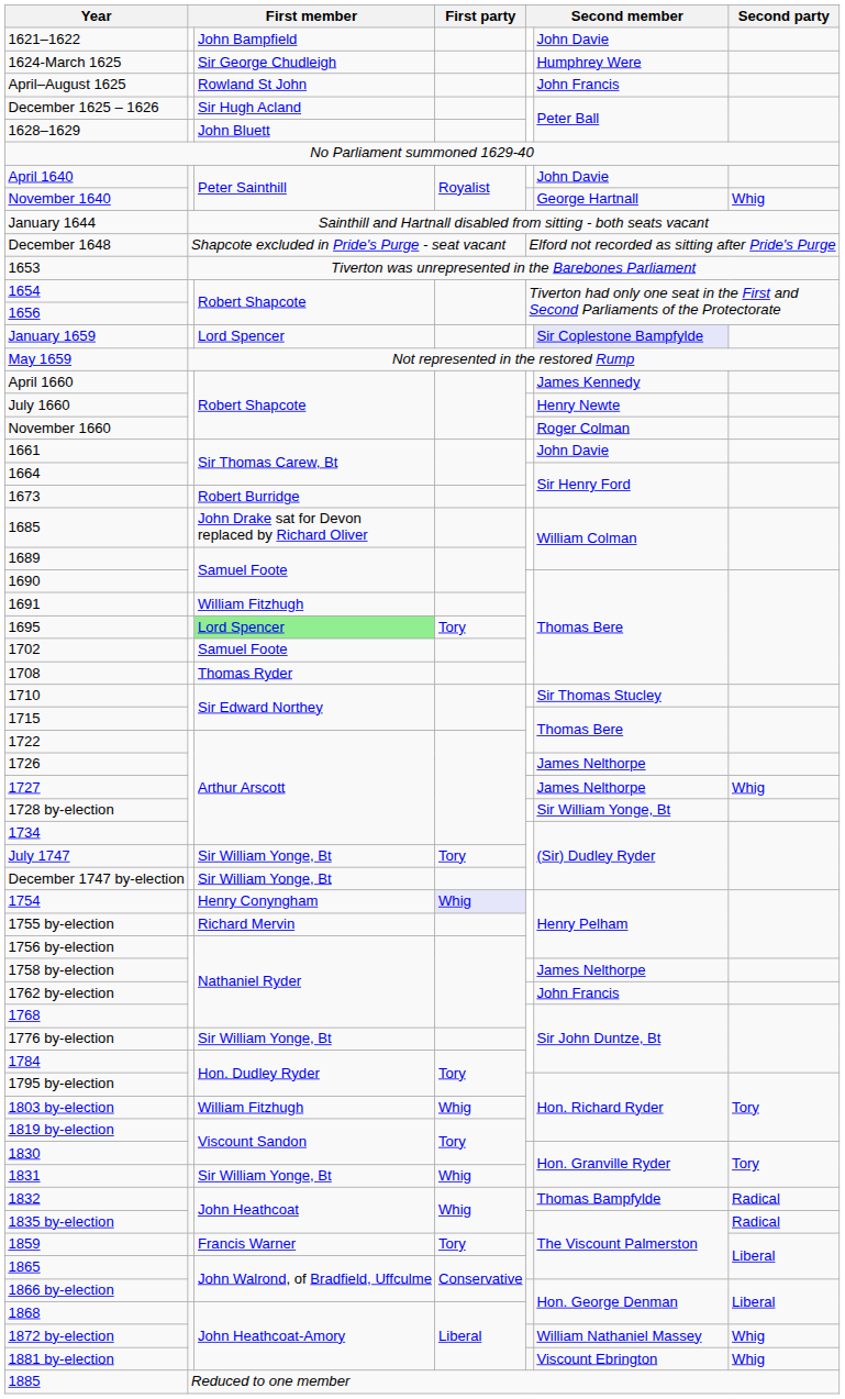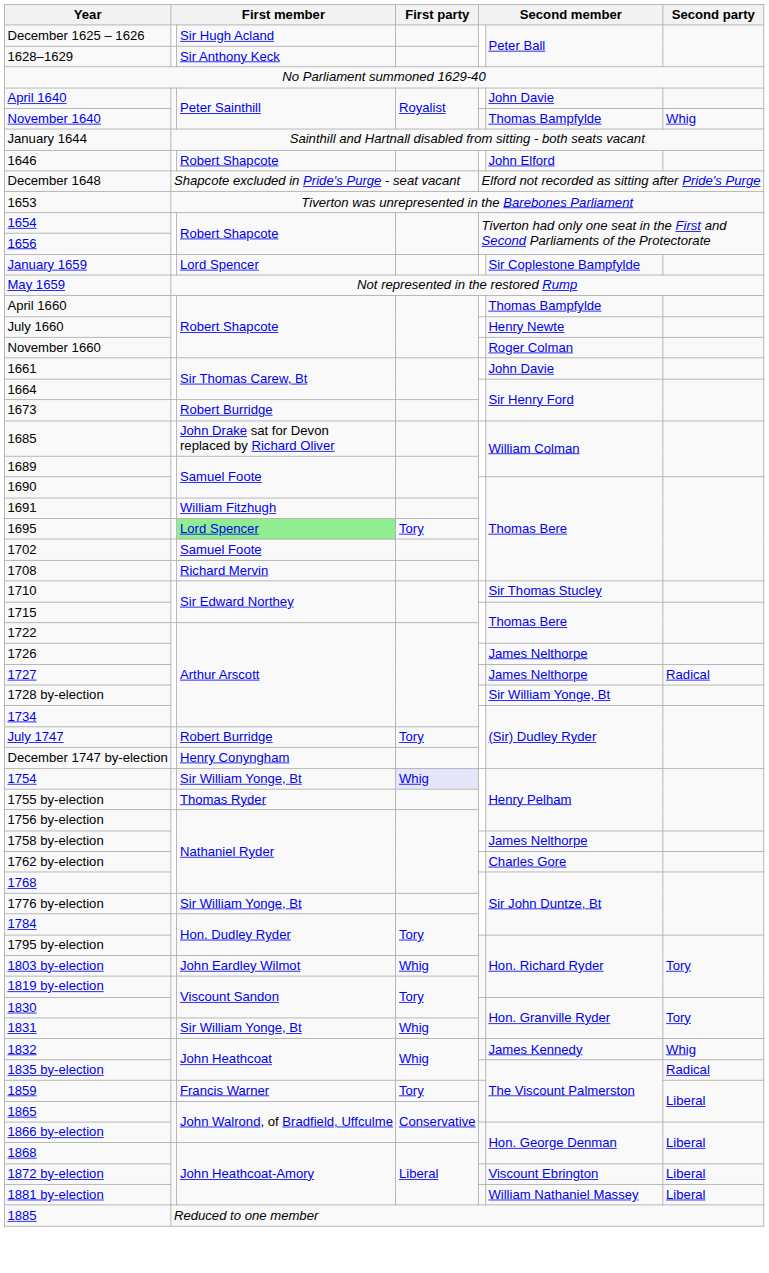 <table class="wikitable">
 <tr>
 <th>Year</th>
 <th colspan="2">First member</th>
 <th>First party</th>
 <th colspan="2">Second member</th>
 <th>Second party</th>
-</tr>
-<tr>
-<td>1621–1622</td>
-<td style="color:inherit;background-color: white"></td>
-<td><a href='#'>John Bampfield</a></td>
-<td></td>
-<td style="color:inherit;background-color: white"></td>
-<td><a href='#'>John Davie</a></td>
-<td></td>
-</tr>
-<tr>
-<td>1624-March 1625</td>
-<td style="color:inherit;background-color: white"></td>
-<td><a href='#'>Sir George Chudleigh</a></td>
-<td></td>
-<td style="color:inherit;background-color: white"></td>
-<td><a href='#'>Humphrey Were</a></td>
-<td></td>
-</tr>
-<tr>
-<td>April–August 1625</td>
-<td style="color:inherit;background-color: white"></td>
-<td><a href='#'>Rowland St John</a></td>
-<td></td>
-<td style="color:inherit;background-color: white"></td>
-<td><a href='#'>John Francis</a></td>
-<td></td>
 </tr>
 <tr>
 <td>December 1625 – 1626</td>
 <td style="color:inherit;background-color: white"></td>
 <td><a href='#'>Sir Hugh Acland</a></td>
 <td></td>
 <td rowspan="2" style="color:inherit;background-color: white"></td>
 <td rowspan="2"><a href='#'>Peter Ball</a></td>
 <td rowspan="2"></td>
 </tr>
 <tr>
 <td>1628–1629</td>
 <td style="color:inherit;background-color: white"></td>
-<td><a href='#'>John Bluett</a></td>
+<td><a href='#'>Sir Anthony Keck</a></td>
 <td></td>
 </tr>
 <tr>
 <td colspan="7" align="center"><em>No Parliament summoned 1629-40</em></td>
 </tr>
 <tr>
 <td><a href='#'>April 1640</a></td>
 <td rowspan="2" style="color:inherit;background-color: "></td>
 <td rowspan="2"><a href='#'>Peter Sainthill</a></td>
 <td rowspan="2"><a href='#'>Royalist</a></td>
 <td style="color:inherit;background-color: white"></td>
 <td><a href='#'>John Davie</a></td>
 <td></td>
 </tr>
 <tr>
 <td><a href='#'>November 1640</a></td>
 <td style="color:inherit;background-color: "></td>
-<td><a href='#'>George Hartnall</a></td>
+<td><a href='#'>Thomas Bampfylde</a></td>
 <td><a href='#'>Whig</a></td>
 </tr>
 <tr>
 <td>January 1644</td>
 <td colspan="6" align="center"><em>Sainthill and Hartnall disabled from sitting - both seats vacant</em></td>
+</tr>
+<tr>
+<td>1646</td>
+<td style="color:inherit;background-color: white"></td>
+<td><a href='#'>Robert Shapcote</a></td>
+<td></td>
+<td style="color:inherit;background-color: white"></td>
+<td><a href='#'>John Elford</a></td>
+<td></td>
 </tr>
 <tr>
 <td>December 1648</td>
 <td colspan="3"><em>Shapcote excluded in <a href='#'>Pride's Purge</a> - seat vacant</em></td>
 <td colspan="3"><em>Elford not recorded as sitting after <a href='#'>Pride's Purge</a></em></td>
 </tr>
 <tr>
 <td>1653</td>
 <td colspan="6" align="center"><em>Tiverton was unrepresented in the <a href='#'>Barebones Parliament</a></em></td>
 </tr>
 <tr>
 <td><a href='#'>1654</a></td>
 <td rowspan="2" style="color:inherit;background-color: white"></td>
 <td rowspan="2"><a href='#'>Robert Shapcote</a></td>
 <td rowspan="2"></td>
 <td rowspan="2" colspan="3"><em>Tiverton had only one seat in the <a href='#'>First</a> and <br><a href='#'>Second</a> Parliaments of the Protectorate</em></td>
 </tr>
 <tr>
 <td><a href='#'>1656</a></td>
 </tr>
 <tr>
 <td><a href='#'>January 1659</a></td>
 <td style="color:inherit;background-color: white"></td>
 <td><a href='#'>Lord Spencer</a></td>
 <td></td>
 <td style="color:inherit;background-color: white"></td>
-<td style="background: lavender;"><a href='#'>Sir Coplestone Bampfylde</a></td>
+<td><a href='#'>Sir Coplestone Bampfylde</a></td>
 <td></td>
 </tr>
 <tr>
 <td><a href='#'>May 1659</a></td>
 <td colspan="6" align="center"><em>Not represented in the restored <a href='#'>Rump</a></em></td>
 </tr>
 <tr>
 <td>April 1660</td>
 <td rowspan="3" style="color:inherit;background-color: white"></td>
 <td rowspan="3"><a href='#'>Robert Shapcote</a></td>
 <td rowspan="3"></td>
 <td style="color:inherit;background-color: white"></td>
-<td><a href='#'>James Kennedy</a></td>
+<td><a href='#'>Thomas Bampfylde</a></td>
 <td></td>
 </tr>
 <tr>
 <td>July 1660</td>
 <td style="color:inherit;background-color: white"></td>
 <td><a href='#'>Henry Newte</a></td>
 <td></td>
 </tr>
 <tr>
 <td>November 1660</td>
 <td style="color:inherit;background-color: white"></td>
 <td><a href='#'>Roger Colman</a></td>
 <td></td>
 </tr>
 <tr>
 <td>1661</td>
 <td rowspan="2" style="color:inherit;background-color: white"></td>
 <td rowspan="2"><a href='#'>Sir Thomas Carew, Bt</a></td>
 <td rowspan="2"></td>
 <td style="color:inherit;background-color: white"></td>
 <td><a href='#'>John Davie</a></td>
 <td></td>
 </tr>
 <tr>
 <td>1664</td>
 <td rowspan="2" style="color:inherit;background-color: white"></td>
 <td rowspan="2"><a href='#'>Sir Henry Ford</a></td>
 <td rowspan="2"></td>
 </tr>
 <tr>
 <td>1673</td>
 <td style="color:inherit;background-color: white"></td>
 <td><a href='#'>Robert Burridge</a></td>
 <td></td>
 </tr>
 <tr>
 <td>1685</td>
 <td style="color:inherit;background-color: white"></td>
 <td><a href='#'>John Drake</a> sat for Devon <br> replaced by <a href='#'>Richard Oliver</a></td>
 <td></td>
 <td rowspan="2" style="color:inherit;background-color: white"></td>
 <td rowspan="2"><a href='#'>William Colman</a></td>
 <td rowspan="2"></td>
 </tr>
 <tr>
 <td>1689</td>
 <td rowspan="2" style="color:inherit;background-color: white"></td>
 <td rowspan="2"><a href='#'>Samuel Foote</a></td>
 <td rowspan="2"></td>
 </tr>
 <tr>
 <td>1690</td>
 <td rowspan="5" style="color:inherit;background-color: white"></td>
 <td rowspan="5"><a href='#'>Thomas Bere</a></td>
 <td rowspan="5"></td>
 </tr>
 <tr>
 <td>1691</td>
 <td style="color:inherit;background-color: white"></td>
 <td><a href='#'>William Fitzhugh</a></td>
 <td></td>
 </tr>
 <tr>
 <td>1695</td>
 <td style="color:inherit;background-color: "></td>
 <td style="background: lightgreen;"><a href='#'>Lord Spencer</a></td>
 <td><a href='#'>Tory</a></td>
 </tr>
 <tr>
 <td>1702</td>
 <td style="color:inherit;background-color: white"></td>
 <td><a href='#'>Samuel Foote</a></td>
 <td></td>
 </tr>
 <tr>
 <td>1708</td>
 <td style="color:inherit;background-color: white"></td>
-<td><a href='#'>Thomas Ryder</a></td>
+<td><a href='#'>Richard Mervin</a></td>
 <td></td>
 </tr>
 <tr>
 <td>1710 </td>
 <td rowspan="2" style="color:inherit;background-color: white"></td>
 <td rowspan="2"><a href='#'>Sir Edward Northey</a></td>
 <td rowspan="2"></td>
 <td style="color:inherit;background-color: white"></td>
 <td><a href='#'>Sir Thomas Stucley</a></td>
 <td></td>
 </tr>
 <tr>
 <td>1715</td>
 <td rowspan="2" style="color:inherit;background-color: white"></td>
 <td rowspan="2"><a href='#'>Thomas Bere</a></td>
 <td rowspan="2"></td>
 </tr>
 <tr>
 <td>1722</td>
 <td rowspan="5" style="color:inherit;background-color: white"></td>
 <td rowspan="5"><a href='#'>Arthur Arscott</a></td>
 <td rowspan="5"></td>
 </tr>
 <tr>
 <td>1726</td>
 <td style="color:inherit;background-color: white"></td>
 <td><a href='#'>James Nelthorpe</a></td>
 <td></td>
 </tr>
 <tr>
 <td><a href='#'>1727</a></td>
 <td style="color:inherit;background-color: "></td>
 <td><a href='#'>James Nelthorpe</a></td>
-<td><a href='#'>Whig</a></td>
+<td><a href='#'>Radical</a></td>
 </tr>
 <tr>
 <td>1728 by-election</td>
 <td style="color:inherit;background-color: white"></td>
 <td><a href='#'>Sir William Yonge, Bt</a></td>
 <td></td>
 </tr>
 <tr>
 <td><a href='#'>1734</a></td>
 <td rowspan="3" style="color:inherit;background-color: white"></td>
 <td rowspan="3"><a href='#'>(Sir) Dudley Ryder</a></td>
 <td rowspan="3"></td>
 </tr>
 <tr>
 <td><a href='#'>July 1747</a></td>
 <td style="color:inherit;background-color: "></td>
-<td><a href='#'>Sir William Yonge, Bt</a></td>
+<td><a href='#'>Robert Burridge</a></td>
 <td><a href='#'>Tory</a></td>
 </tr>
 <tr>
 <td>December 1747 by-election</td>
 <td style="color:inherit;background-color: white"></td>
-<td><a href='#'>Sir William Yonge, Bt</a></td>
+<td><a href='#'>Henry Conyngham</a></td>
 <td></td>
 </tr>
 <tr>
 <td><a href='#'>1754</a></td>
 <td style="color:inherit;background-color: "></td>
-<td><a href='#'>Henry Conyngham</a></td>
+<td><a href='#'>Sir William Yonge, Bt</a></td>
 <td style="background: lavender;"><a href='#'>Whig</a></td>
 <td rowspan="3" style="color:inherit;background-color: white"></td>
 <td rowspan="3"><a href='#'>Henry Pelham</a></td>
 <td rowspan="3"></td>
 </tr>
 <tr>
 <td>1755 by-election</td>
 <td style="color:inherit;background-color: white"></td>
-<td><a href='#'>Richard Mervin</a></td>
+<td><a href='#'>Thomas Ryder</a></td>
 <td></td>
 </tr>
 <tr>
 <td>1756 by-election</td>
 <td rowspan="4" style="color:inherit;background-color: white"></td>
 <td rowspan="4"><a href='#'>Nathaniel Ryder</a></td>
 <td rowspan="4"></td>
 </tr>
 <tr>
 <td>1758 by-election</td>
 <td style="color:inherit;background-color: white"></td>
 <td><a href='#'>James Nelthorpe</a></td>
 <td></td>
 </tr>
 <tr>
 <td>1762 by-election</td>
 <td style="color:inherit;background-color: white"></td>
-<td><a href='#'>John Francis</a></td>
+<td><a href='#'>Charles Gore</a></td>
 <td></td>
 </tr>
 <tr>
 <td><a href='#'>1768</a></td>
 <td rowspan="3" style="color:inherit;background-color: white"></td>
 <td rowspan="3"><a href='#'>Sir John Duntze, Bt</a></td>
 <td rowspan="3"></td>
 </tr>
 <tr>
 <td>1776 by-election</td>
 <td style="color:inherit;background-color: white"></td>
 <td><a href='#'>Sir William Yonge, Bt</a></td>
 <td></td>
 </tr>
 <tr>
 <td><a href='#'>1784</a></td>
 <td rowspan="2" style="color:inherit;background-color: "></td>
 <td rowspan="2"><a href='#'>Hon. Dudley Ryder</a></td>
 <td rowspan="2"><a href='#'>Tory</a><br></td>
 </tr>
 <tr>
 <td>1795 by-election</td>
 <td rowspan="3" style="color:inherit;background-color: "></td>
 <td rowspan="3"><a href='#'>Hon. Richard Ryder</a></td>
 <td rowspan="3"><a href='#'>Tory</a></td>
 </tr>
 <tr>
 <td><a href='#'>1803 by-election</a></td>
 <td style="color:inherit;background-color: "></td>
-<td><a href='#'>William Fitzhugh</a></td>
+<td><a href='#'>John Eardley Wilmot</a></td>
 <td><a href='#'>Whig</a></td>
 </tr>
 <tr>
 <td><a href='#'>1819 by-election</a></td>
 <td rowspan="2" style="color:inherit;background-color: "></td>
 <td rowspan="2"><a href='#'>Viscount Sandon</a></td>
 <td rowspan="2"><a href='#'>Tory</a></td>
 </tr>
 <tr>
 <td><a href='#'>1830</a></td>
 <td rowspan="2" style="color:inherit;background-color: "></td>
 <td rowspan="2"><a href='#'>Hon. Granville Ryder</a></td>
 <td rowspan="2"><a href='#'>Tory</a></td>
 </tr>
 <tr>
 <td><a href='#'>1831</a></td>
 <td style="color:inherit;background-color: "></td>
 <td><a href='#'>Sir William Yonge, Bt</a></td>
 <td><a href='#'>Whig</a></td>
 </tr>
 <tr>
 <td><a href='#'>1832</a></td>
 <td rowspan="2" style="color:inherit;background-color: "></td>
 <td rowspan="2"><a href='#'>John Heathcoat</a></td>
 <td rowspan="2"><a href='#'>Whig</a></td>
 <td style="color:inherit;background-color: "></td>
-<td><a href='#'>Thomas Bampfylde</a></td>
-<td><a href='#'>Radical</a></td>
+<td><a href='#'>James Kennedy</a></td>
+<td><a href='#'>Whig</a></td>
 </tr>
 <tr>
 <td><a href='#'>1835 by-election</a></td>
 <td style="color:inherit;background-color: "></td>
 <td rowspan="3"><a href='#'>The Viscount Palmerston</a></td>
 <td><a href='#'>Radical</a></td>
 </tr>
 <tr>
 <td><a href='#'>1859</a></td>
 <td style="color:inherit;background-color: "></td>
 <td><a href='#'>Francis Warner</a></td>
 <td><a href='#'>Tory</a></td>
 <td rowspan="2" style="color:inherit;background-color: "></td>
 <td rowspan="2"><a href='#'>Liberal</a></td>
 </tr>
 <tr>
 <td><a href='#'>1865</a></td>
 <td rowspan="2" style="color:inherit;background-color: "></td>
 <td rowspan="2"><a href='#'>John Walrond</a>, of <a href='#'>Bradfield, Uffculme</a></td>
 <td rowspan="2"><a href='#'>Conservative</a></td>
 </tr>
 <tr>
 <td><a href='#'>1866 by-election</a></td>
 <td rowspan="2" style="color:inherit;background-color: "></td>
 <td rowspan="2"><a href='#'>Hon. George Denman</a></td>
 <td rowspan="2"><a href='#'>Liberal</a></td>
 </tr>
 <tr>
 <td><a href='#'>1868</a></td>
 <td rowspan="3" style="color:inherit;background-color: "></td>
 <td rowspan="3"><a href='#'>John Heathcoat-Amory</a></td>
 <td rowspan="3"><a href='#'>Liberal</a></td>
 </tr>
 <tr>
 <td><a href='#'>1872 by-election</a></td>
 <td style="color:inherit;background-color: "></td>
-<td><a href='#'>William Nathaniel Massey</a></td>
-<td><a href='#'>Whig</a></td>
+<td><a href='#'>Viscount Ebrington</a></td>
+<td><a href='#'>Liberal</a></td>
 </tr>
 <tr>
 <td><a href='#'>1881 by-election</a></td>
 <td style="color:inherit;background-color: "></td>
-<td><a href='#'>Viscount Ebrington</a></td>
-<td><a href='#'>Whig</a></td>
+<td><a href='#'>William Nathaniel Massey</a></td>
+<td><a href='#'>Liberal</a></td>
 </tr>
 <tr>
 <td><a href='#'>1885</a></td>
 <td colspan="6"><em>Reduced to one member</em></td>
 </tr>
 </table>
